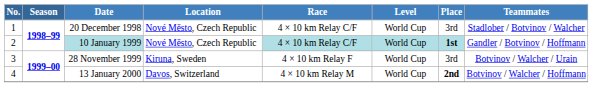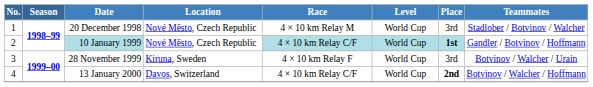 <table class="wikitable sortable" style="font-size:95%; text-align:center; border:grey solid 1px; border-collapse:collapse; background:#ffffff;">
 <tr style="background:#efefef;">
 <th style="background-color:#369; color:white;">No.</th>
 <th style="background-color:#369; color:white;">Season</th>
 <th style="background-color:#4180be; color:white; width:120px;">Date</th>
 <th style="background-color:#4180be; color:white; width:185px;">Location</th>
 <th style="background-color:#4180be; color:white; width:170px;">Race</th>
 <th style="background-color:#4180be; color:white; width:100px;">Level</th>
 <th style="background-color:#4180be; color:white;">Place</th>
 <th style="background-color:#4180be; color:white;">Teammates</th>
 </tr>
 <tr>
 <td align=center>1</td>
 <td rowspan=2 align=center><strong> <a href='#'>1998–99</a> </strong></td>
 <td align=right>20 December 1998</td>
 <td align=left> <a href='#'>Nové Město</a>, Czech Republic</td>
-<td>4 × 10 km Relay C/F</td>
+<td>4 × 10 km Relay M</td>
 <td>World Cup</td>
 <td>3rd</td>
 <td><a href='#'>Stadlober</a> / <a href='#'>Botvinov</a> / <a href='#'>Walcher</a></td>
 </tr>
 <tr>
 <td align=center>2</td>
 <td bgcolor="#BOEOE6" align=right>10 January 1999</td>
 <td align=left> <a href='#'>Nové Město</a>, Czech Republic</td>
 <td bgcolor="#BOEOE6">4 × 10 km Relay C/F</td>
 <td bgcolor="#BOEOE6">World Cup</td>
 <td bgcolor="#BOEOE6"><strong>1st</strong></td>
 <td><a href='#'>Gandler</a> / <a href='#'>Botvinov</a> / <a href='#'>Hoffmann</a></td>
 </tr>
 <tr>
 <td align=center>3</td>
 <td rowspan=2 align=center><strong> <a href='#'>1999–00</a> </strong></td>
 <td align=right>28 November 1999</td>
 <td align=left> <a href='#'>Kiruna</a>, Sweden</td>
 <td>4 × 10 km Relay F</td>
 <td>World Cup</td>
 <td>3rd</td>
 <td><a href='#'>Botvinov</a> / <a href='#'>Walcher</a> / <a href='#'>Urain</a></td>
 </tr>
 <tr>
 <td align=center>4</td>
 <td align=right>13 January 2000</td>
 <td align=left> <a href='#'>Davos</a>, Switzerland</td>
-<td>4 × 10 km Relay M</td>
+<td>4 × 10 km Relay C/F</td>
 <td>World Cup</td>
 <td><strong>2nd</strong></td>
 <td><a href='#'>Botvinov</a> / <a href='#'>Walcher</a> / <a href='#'>Hoffmann</a></td>
 </tr>
 <tr>
 </tr>
 </table>
